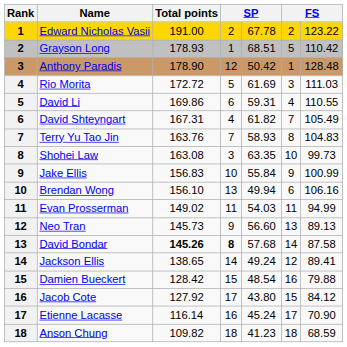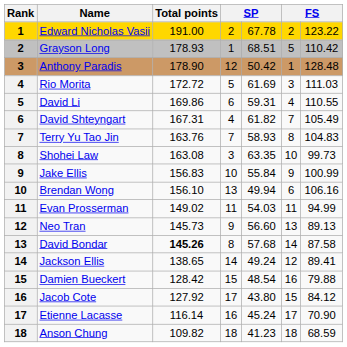 <table class="wikitable sortable">
 <tr>
 <th>Rank</th>
 <th>Name</th>
 <th>Total points</th>
 <th colspan="2" width="80px"><a href='#'>SP</a></th>
 <th colspan="2" width="80px"><a href='#'>FS</a></th>
 </tr>
 <tr bgcolor="gold">
 <td align="center"><strong>1</strong></td>
 <td><a href='#'>Edward Nicholas Vasii</a></td>
 <td align="center">191.00</td>
 <td align="center">2</td>
 <td align="center">67.78</td>
 <td align="center">2</td>
 <td align="center">123.22</td>
 </tr>
 <tr bgcolor="silver">
 <td align="center"><strong>2</strong></td>
 <td><a href='#'>Grayson Long</a></td>
 <td align="center">178.93</td>
 <td align="center">1</td>
 <td align="center">68.51</td>
 <td align="center">5</td>
 <td align="center">110.42</td>
 </tr>
 <tr bgcolor="cc9966">
 <td align="center"><strong>3</strong></td>
 <td><a href='#'>Anthony Paradis</a></td>
 <td align="center">178.90</td>
 <td align="center">12</td>
 <td align="center">50.42</td>
 <td align="center">1</td>
 <td align="center">128.48</td>
 </tr>
 <tr>
 <th>4</th>
 <td><a href='#'>Rio Morita</a></td>
 <td align="center">172.72</td>
 <td align="center">5</td>
 <td align="center">61.69</td>
 <td align="center">3</td>
 <td align="center">111.03</td>
 </tr>
 <tr>
 <th>5</th>
 <td><a href='#'>David Li</a></td>
 <td align="center">169.86</td>
 <td align="center">6</td>
 <td align="center">59.31</td>
 <td align="center">4</td>
 <td align="center">110.55</td>
 </tr>
 <tr>
 <th>6</th>
 <td><a href='#'>David Shteyngart</a></td>
 <td align="center">167.31</td>
 <td align="center">4</td>
 <td align="center">61.82</td>
 <td align="center">7</td>
 <td align="center">105.49</td>
 </tr>
 <tr>
 <th>7</th>
 <td><a href='#'>Terry Yu Tao Jin</a></td>
 <td align="center">163.76</td>
 <td align="center">7</td>
 <td align="center">58.93</td>
 <td align="center">8</td>
 <td align="center">104.83</td>
 </tr>
 <tr>
 <th>8</th>
 <td><a href='#'>Shohei Law</a></td>
 <td align="center">163.08</td>
 <td align="center">3</td>
 <td align="center">63.35</td>
 <td align="center">10</td>
 <td align="center">99.73</td>
 </tr>
 <tr>
 <th>9</th>
 <td><a href='#'>Jake Ellis</a></td>
 <td align="center">156.83</td>
 <td align="center">10</td>
 <td align="center">55.84</td>
 <td align="center">9</td>
 <td align="center">100.99</td>
 </tr>
 <tr>
 <th>10</th>
 <td><a href='#'>Brendan Wong</a></td>
 <td align="center">156.10</td>
 <td align="center">13</td>
 <td align="center">49.94</td>
 <td align="center">6</td>
 <td align="center">106.16</td>
 </tr>
 <tr>
 <th>11</th>
 <td><a href='#'>Evan Prosserman</a></td>
 <td align="center">149.02</td>
 <td align="center">11</td>
 <td align="center">54.03</td>
 <td align="center">11</td>
 <td align="center">94.99</td>
 </tr>
 <tr>
 <th>12</th>
 <td><a href='#'>Neo Tran</a></td>
 <td align="center">145.73</td>
 <td align="center">9</td>
 <td align="center">56.60</td>
 <td align="center">13</td>
 <td align="center">89.13</td>
 </tr>
 <tr>
 <th>13</th>
 <td><a href='#'>David Bondar</a></td>
 <td align="center"><strong>145.26</strong></td>
-<td align="center"><strong>8</strong></td>
+<td align="center">8</td>
 <td align="center">57.68</td>
 <td align="center">14</td>
 <td align="center">87.58</td>
 </tr>
 <tr>
 <th>14</th>
 <td><a href='#'>Jackson Ellis</a></td>
 <td align="center">138.65</td>
 <td align="center">14</td>
 <td align="center">49.24</td>
 <td align="center">12</td>
 <td align="center">89.41</td>
 </tr>
 <tr>
 <th>15</th>
 <td><a href='#'>Damien Bueckert</a></td>
 <td align="center">128.42</td>
 <td align="center">15</td>
 <td align="center">48.54</td>
 <td align="center">16</td>
 <td align="center">79.88</td>
 </tr>
 <tr>
 <th>16</th>
 <td><a href='#'>Jacob Cote</a></td>
 <td align="center">127.92</td>
 <td align="center">17</td>
 <td align="center">43.80</td>
 <td align="center">15</td>
 <td align="center">84.12</td>
 </tr>
 <tr>
 <th>17</th>
 <td><a href='#'>Etienne Lacasse</a></td>
 <td align="center">116.14</td>
 <td align="center">16</td>
 <td align="center">45.24</td>
 <td align="center">17</td>
 <td align="center">70.90</td>
 </tr>
 <tr>
 <th>18</th>
 <td><a href='#'>Anson Chung</a></td>
 <td align="center">109.82</td>
 <td align="center">18</td>
 <td align="center">41.23</td>
 <td align="center">18</td>
 <td align="center">68.59</td>
 </tr>
 </table>
